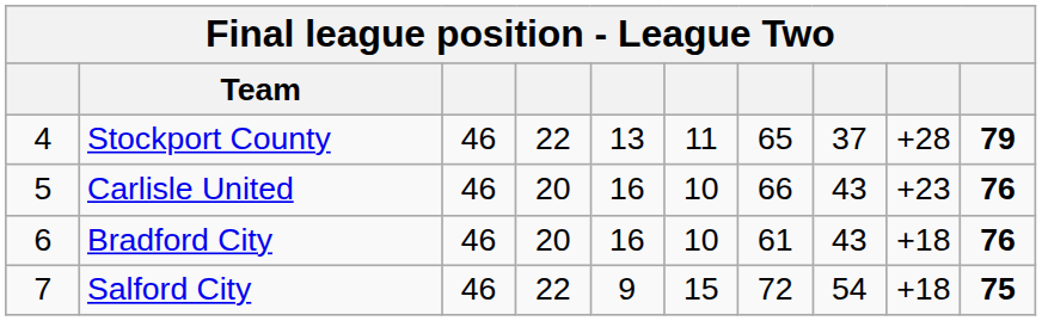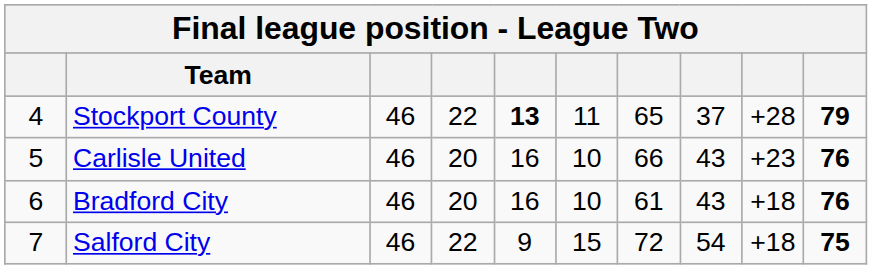 <table class="wikitable" style="text-align:center">
 <tr>
 <th colspan="10"><big>Final league position - League Two</big></th>
 </tr>
 <tr>
 <th width="30"></th>
 <th width="175">Team</th>
 <th width="30"></th>
 <th width="30"></th>
 <th width="30"></th>
 <th width="30"></th>
 <th width="30"></th>
 <th width="30"></th>
 <th width="30"></th>
 <th width="30"></th>
 </tr>
 <tr>
 <td>4</td>
 <td align="left"><a href='#'>Stockport County</a></td>
 <td>46</td>
 <td>22</td>
-<td>13</td>
+<td><strong>13</strong></td>
 <td>11</td>
 <td>65</td>
 <td>37</td>
 <td>+28</td>
 <td><strong>79</strong></td>
 </tr>
 <tr>
 <td>5</td>
 <td align="left"><a href='#'>Carlisle United</a></td>
 <td>46</td>
 <td>20</td>
 <td>16</td>
 <td>10</td>
 <td>66</td>
 <td>43</td>
 <td>+23</td>
 <td><strong>76</strong></td>
 </tr>
 <tr>
 <td>6</td>
 <td align="left"><a href='#'>Bradford City</a></td>
 <td>46</td>
 <td>20</td>
 <td>16</td>
 <td>10</td>
 <td>61</td>
 <td>43</td>
 <td>+18</td>
 <td><strong>76</strong></td>
 </tr>
 <tr>
 <td>7</td>
 <td align="left"><a href='#'>Salford City</a></td>
 <td>46</td>
 <td>22</td>
 <td>9</td>
 <td>15</td>
 <td>72</td>
 <td>54</td>
 <td>+18</td>
 <td><strong>75</strong></td>
 </tr>
 </table>
